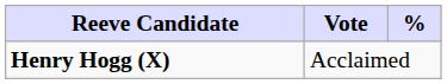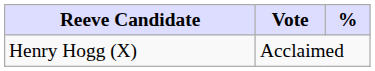 <table class="wikitable">
 <tr>
 <th style="background:#ddf; width:200px;">Reeve Candidate </th>
 <th style="background:#ddf; width:50px;">Vote</th>
 <th style="background:#ddf; width:30px;">%</th>
 </tr>
 <tr>
-<td><strong>Henry Hogg (X)</strong></td>
+<td>Henry Hogg (X)</td>
 <td colspan="2">Acclaimed</td>
 </tr>
 </table>
